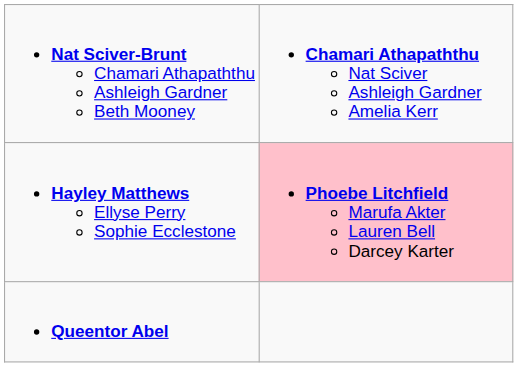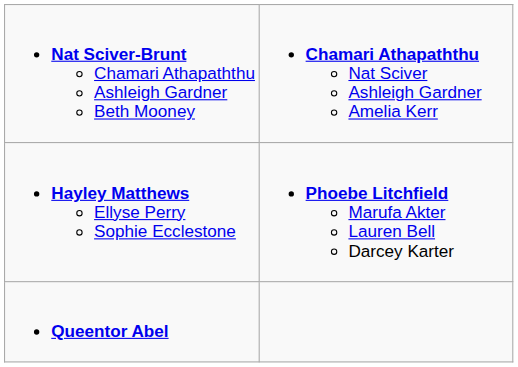 <table class=wikitable>
 <tr>
 <td valign="top" width="50%"><br><ul><li><strong> <a href='#'>Nat Sciver-Brunt</a></strong><ul><li> <a href='#'>Chamari Athapaththu</a></li><li> <a href='#'>Ashleigh Gardner</a></li><li> <a href='#'>Beth Mooney</a></li></ul></li></ul></td>
 <td valign="top" width="50%"><br><ul><li><strong> <a href='#'>Chamari Athapaththu</a></strong><ul><li> <a href='#'>Nat Sciver</a></li><li> <a href='#'>Ashleigh Gardner</a></li><li> <a href='#'>Amelia Kerr</a></li></ul></li></ul></td>
 </tr>
 <tr>
 <td valign="top" width="50%"><br><ul><li><strong> <a href='#'>Hayley Matthews</a></strong><ul><li> <a href='#'>Ellyse Perry</a></li><li> <a href='#'>Sophie Ecclestone</a></li></ul></li></ul></td>
-<td valign="top" width="50%" style="background: pink;"><br><ul><li><strong> <a href='#'>Phoebe Litchfield</a></strong><ul><li> <a href='#'>Marufa Akter</a></li><li> <a href='#'>Lauren Bell</a></li><li> Darcey Karter</li></ul></li></ul></td>
+<td valign="top" width="50%"><br><ul><li><strong> <a href='#'>Phoebe Litchfield</a></strong><ul><li> <a href='#'>Marufa Akter</a></li><li> <a href='#'>Lauren Bell</a></li><li> Darcey Karter</li></ul></li></ul></td>
 </tr>
 <tr>
 <td valign="top" width="50%"><br><ul><li><strong> <a href='#'>Queentor Abel</a></strong></li></ul></td>
 </tr>
 </table>
